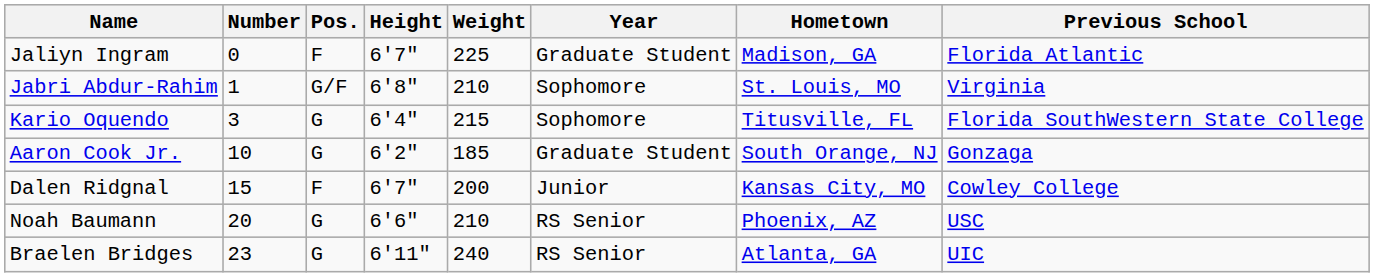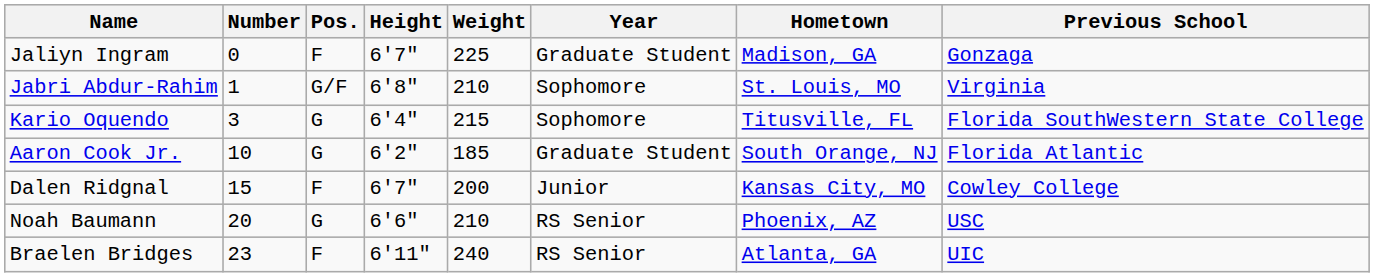 <table class="wikitable sortable" border="1">
 <tr>
 <th>Name</th>
 <th>Number</th>
 <th>Pos.</th>
 <th>Height</th>
 <th>Weight</th>
 <th>Year</th>
 <th>Hometown</th>
 <th class="unsortable">Previous School</th>
 </tr>
 <tr>
 <td>Jaliyn Ingram</td>
 <td>0</td>
 <td>F</td>
 <td>6'7"</td>
 <td>225</td>
 <td>Graduate Student</td>
 <td><a href='#'>Madison, GA</a></td>
-<td><a href='#'>Florida Atlantic</a></td>
+<td><a href='#'>Gonzaga</a></td>
 </tr>
 <tr>
 <td><a href='#'>Jabri Abdur-Rahim</a></td>
 <td>1</td>
 <td>G/F</td>
 <td>6'8"</td>
 <td>210</td>
 <td>Sophomore</td>
 <td><a href='#'>St. Louis, MO</a></td>
 <td><a href='#'>Virginia</a></td>
 </tr>
 <tr>
 <td><a href='#'>Kario Oquendo</a></td>
 <td>3</td>
 <td>G</td>
 <td>6'4"</td>
 <td>215</td>
 <td>Sophomore</td>
 <td><a href='#'>Titusville, FL</a></td>
 <td><a href='#'>Florida SouthWestern State College</a></td>
 </tr>
 <tr>
 <td><a href='#'>Aaron Cook Jr.</a></td>
 <td>10</td>
 <td>G</td>
 <td>6'2"</td>
 <td>185</td>
 <td>Graduate Student</td>
 <td><a href='#'>South Orange, NJ</a></td>
-<td><a href='#'>Gonzaga</a></td>
+<td><a href='#'>Florida Atlantic</a></td>
 </tr>
 <tr>
 <td>Dalen Ridgnal</td>
 <td>15</td>
 <td>F</td>
 <td>6'7"</td>
 <td>200</td>
 <td>Junior</td>
 <td><a href='#'>Kansas City, MO</a></td>
 <td><a href='#'>Cowley College</a></td>
 </tr>
 <tr>
 <td>Noah Baumann</td>
 <td>20</td>
 <td>G</td>
 <td>6'6"</td>
 <td>210</td>
 <td>RS Senior</td>
 <td><a href='#'>Phoenix, AZ</a></td>
 <td><a href='#'>USC</a></td>
 </tr>
 <tr>
 <td>Braelen Bridges</td>
 <td>23</td>
-<td>G</td>
+<td>F</td>
 <td>6'11"</td>
 <td>240</td>
 <td>RS Senior</td>
 <td><a href='#'>Atlanta, GA</a></td>
 <td><a href='#'>UIC</a></td>
 </tr>
 </table>
